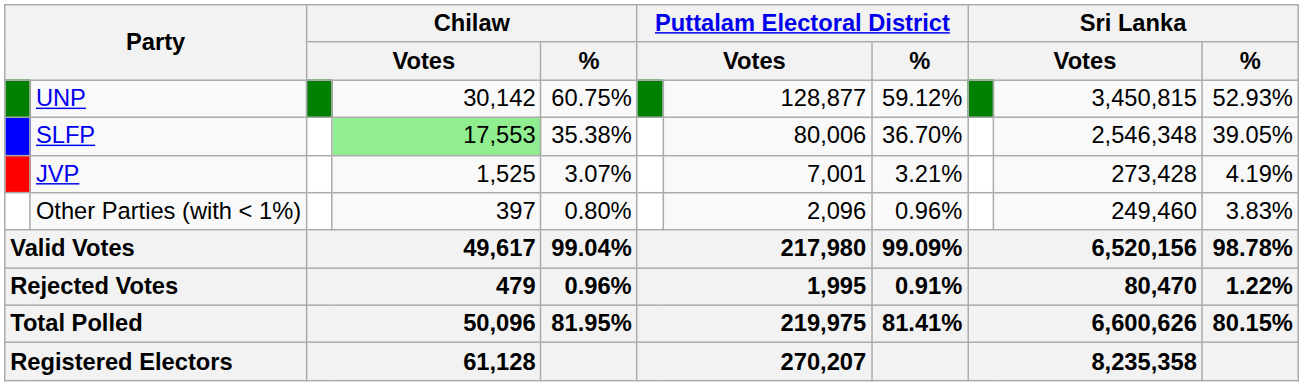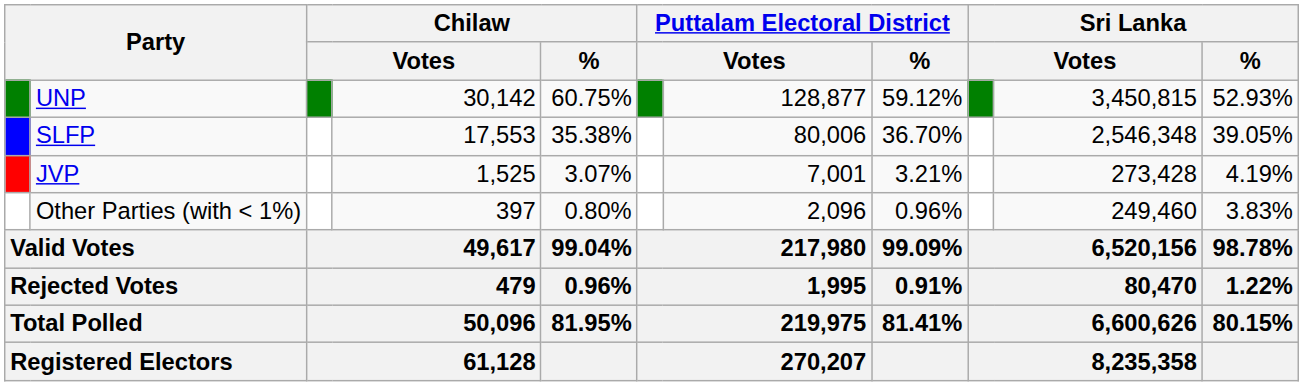 <table class="wikitable">
 <tr>
 <th colspan="2" width="144px"rowspan="2">Party</th>
 <th colspan="3" width="216px">Chilaw</th>
 <th colspan="3" width="216px"><a href='#'>Puttalam Electoral District</a></th>
 <th colspan="3" width="216px">Sri Lanka</th>
 </tr>
 <tr>
 <th colspan="2" width="144px">Votes</th>
 <th>%</th>
 <th colspan="2" width="144px">Votes</th>
 <th>%</th>
 <th colspan="2" width="144px">Votes</th>
 <th>%</th>
 </tr>
 <tr>
 <td style="background-color:green;" width="10px"></td>
 <td style="text-align:left;"><a href='#'>UNP</a></td>
 <td style="background-color:green;" width="10px"></td>
 <td style="text-align:right;">30,142</td>
 <td style="text-align:right;">60.75%</td>
 <td style="background-color:green;" width="10px"></td>
 <td style="text-align:right;">128,877</td>
 <td style="text-align:right;">59.12%</td>
 <td style="background-color:green;" width="10px"></td>
 <td style="text-align:right;">3,450,815</td>
 <td style="text-align:right;">52.93%</td>
 </tr>
 <tr>
 <td style="background-color:blue;" width="10px"></td>
 <td style="text-align:left;"><a href='#'>SLFP</a></td>
 <td style="background-color:white;" width="10px"></td>
-<td style="background: lightgreen; text-align:right;">17,553</td>
+<td style="text-align:right;">17,553</td>
 <td style="text-align:right;">35.38%</td>
 <td style="background-color:white;" width="10px"></td>
 <td style="text-align:right;">80,006</td>
 <td style="text-align:right;">36.70%</td>
 <td style="background-color:white;" width="10px"></td>
 <td style="text-align:right;">2,546,348</td>
 <td style="text-align:right;">39.05%</td>
 </tr>
 <tr>
 <td style="background-color:red;" width="10px"></td>
 <td style="text-align:left;"><a href='#'>JVP</a></td>
 <td style="background-color:white;" width="10px"></td>
 <td style="text-align:right;">1,525</td>
 <td style="text-align:right;">3.07%</td>
 <td style="background-color:white;" width="10px"></td>
 <td style="text-align:right;">7,001</td>
 <td style="text-align:right;">3.21%</td>
 <td style="background-color:white;" width="10px"></td>
 <td style="text-align:right;">273,428</td>
 <td style="text-align:right;">4.19%</td>
 </tr>
 <tr>
 <td style="background-color:white;" width="10px"></td>
 <td style="text-align:left;">Other Parties (with < 1%)</td>
 <td style="background-color:white;" width="10px"></td>
 <td style="text-align:right;">397</td>
 <td style="text-align:right;">0.80%</td>
 <td style="background-color:white;" width="10px"></td>
 <td style="text-align:right;">2,096</td>
 <td style="text-align:right;">0.96%</td>
 <td style="background-color:white;" width="10px"></td>
 <td style="text-align:right;">249,460</td>
 <td style="text-align:right;">3.83%</td>
 </tr>
 <tr>
 <th colspan="2" width="144px"style="text-align:left;">Valid Votes</th>
 <th style="text-align:right;"colspan="2" width="144px">49,617</th>
 <th style="text-align:right;">99.04%</th>
 <th style="text-align:right;"colspan="2" width="144px">217,980</th>
 <th style="text-align:right;">99.09%</th>
 <th style="text-align:right;"colspan="2" width="144px">6,520,156</th>
 <th style="text-align:right;">98.78%</th>
 </tr>
 <tr>
 <th colspan="2" width="144px"style="text-align:left;">Rejected Votes</th>
 <th style="text-align:right;"colspan="2" width="144px">479</th>
 <th style="text-align:right;">0.96%</th>
 <th style="text-align:right;"colspan="2" width="144px">1,995</th>
 <th style="text-align:right;">0.91%</th>
 <th style="text-align:right;"colspan="2" width="144px">80,470</th>
 <th style="text-align:right;">1.22%</th>
 </tr>
 <tr>
 <th colspan="2" width="144px"style="text-align:left;">Total Polled</th>
 <th style="text-align:right;"colspan="2" width="144px">50,096</th>
 <th style="text-align:right;">81.95%</th>
 <th style="text-align:right;"colspan="2" width="144px">219,975</th>
 <th style="text-align:right;">81.41%</th>
 <th style="text-align:right;"colspan="2" width="144px">6,600,626</th>
 <th style="text-align:right;">80.15%</th>
 </tr>
 <tr>
 <th colspan="2" width="144px"style="text-align:left;">Registered Electors</th>
 <th style="text-align:right;"colspan="2" width="144px">61,128</th>
 <th></th>
 <th style="text-align:right;"colspan="2" width="144px">270,207</th>
 <th></th>
 <th style="text-align:right;"colspan="2" width="144px">8,235,358</th>
 <th></th>
 </tr>
 </table>
